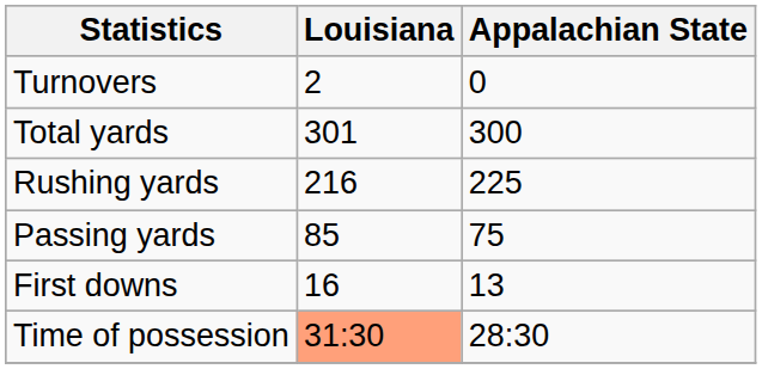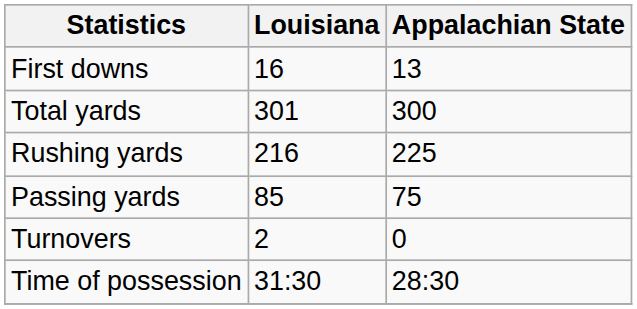 <table class="wikitable">
 <tr>
 <th>Statistics</th>
 <th>Louisiana</th>
 <th>Appalachian State</th>
 </tr>
 <tr>
-<td>Turnovers</td>
-<td>2</td>
-<td>0</td>
+<td>First downs</td>
+<td>16</td>
+<td>13</td>
 </tr>
 <tr>
 <td>Total yards</td>
 <td>301</td>
 <td>300</td>
 </tr>
 <tr>
 <td>Rushing yards</td>
 <td>216</td>
 <td>225</td>
 </tr>
 <tr>
 <td>Passing yards</td>
 <td>85</td>
 <td>75</td>
 </tr>
 <tr>
-<td>First downs</td>
-<td>16</td>
-<td>13</td>
+<td>Turnovers</td>
+<td>2</td>
+<td>0</td>
 </tr>
 <tr>
 <td>Time of possession</td>
-<td style="background: lightsalmon;">31:30</td>
+<td>31:30</td>
 <td>28:30</td>
 </tr>
 <tr>
 </tr>
 </table>
